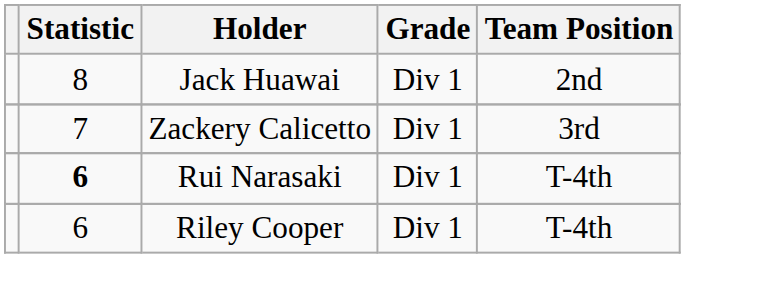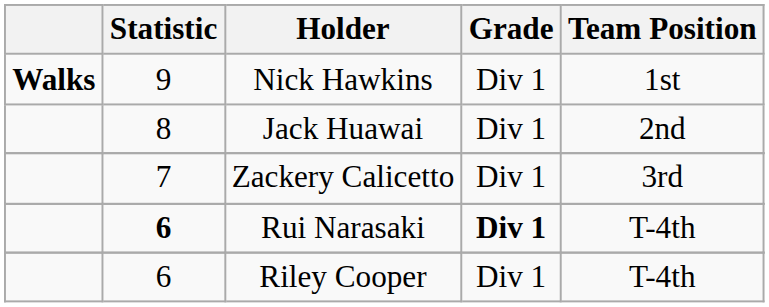 <table class="wikitable" style="text-align: center; mPERin: 0 auto;">
 <tr>
 <th></th>
 <th>Statistic</th>
 <th>Holder</th>
 <th>Grade</th>
 <th>Team Position</th>
+</tr>
+<tr>
+<td><strong>Walks</strong></td>
+<td>9</td>
+<td>Nick Hawkins</td>
+<td>Div 1</td>
+<td>1st</td>
 </tr>
 <tr>
 <td></td>
 <td>8</td>
 <td>Jack Huawai</td>
 <td>Div 1</td>
 <td>2nd</td>
 </tr>
 <tr>
 </tr>
 <tr>
 <td></td>
 <td>7</td>
 <td>Zackery Calicetto</td>
 <td>Div 1</td>
 <td>3rd</td>
 </tr>
 <tr>
 </tr>
 <tr>
 <td></td>
 <td><strong>6</strong></td>
 <td>Rui Narasaki</td>
-<td>Div 1</td>
+<td><strong>Div 1</strong></td>
 <td>T-4th</td>
 </tr>
 <tr>
 </tr>
 <tr>
 <td></td>
 <td>6</td>
 <td>Riley Cooper</td>
 <td>Div 1</td>
 <td>T-4th</td>
 </tr>
 </table>
